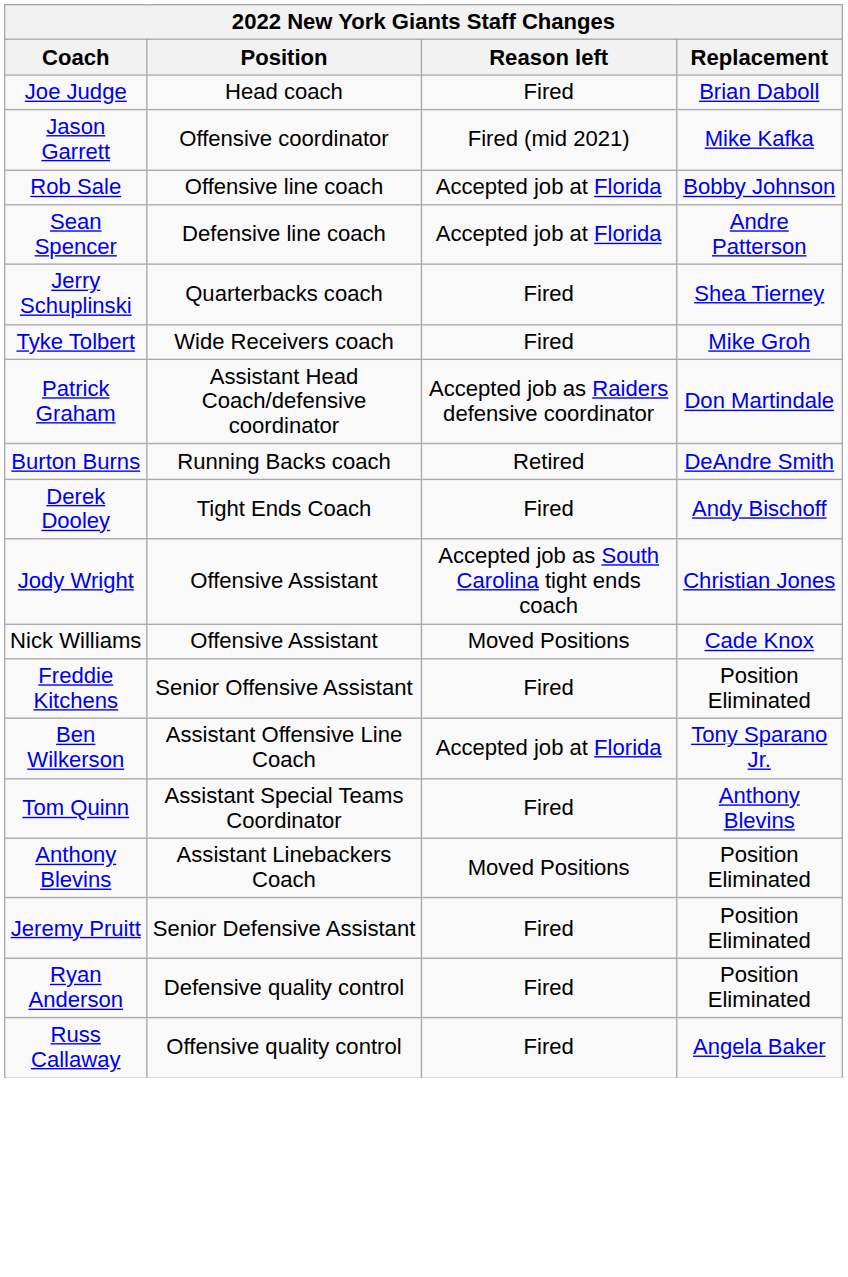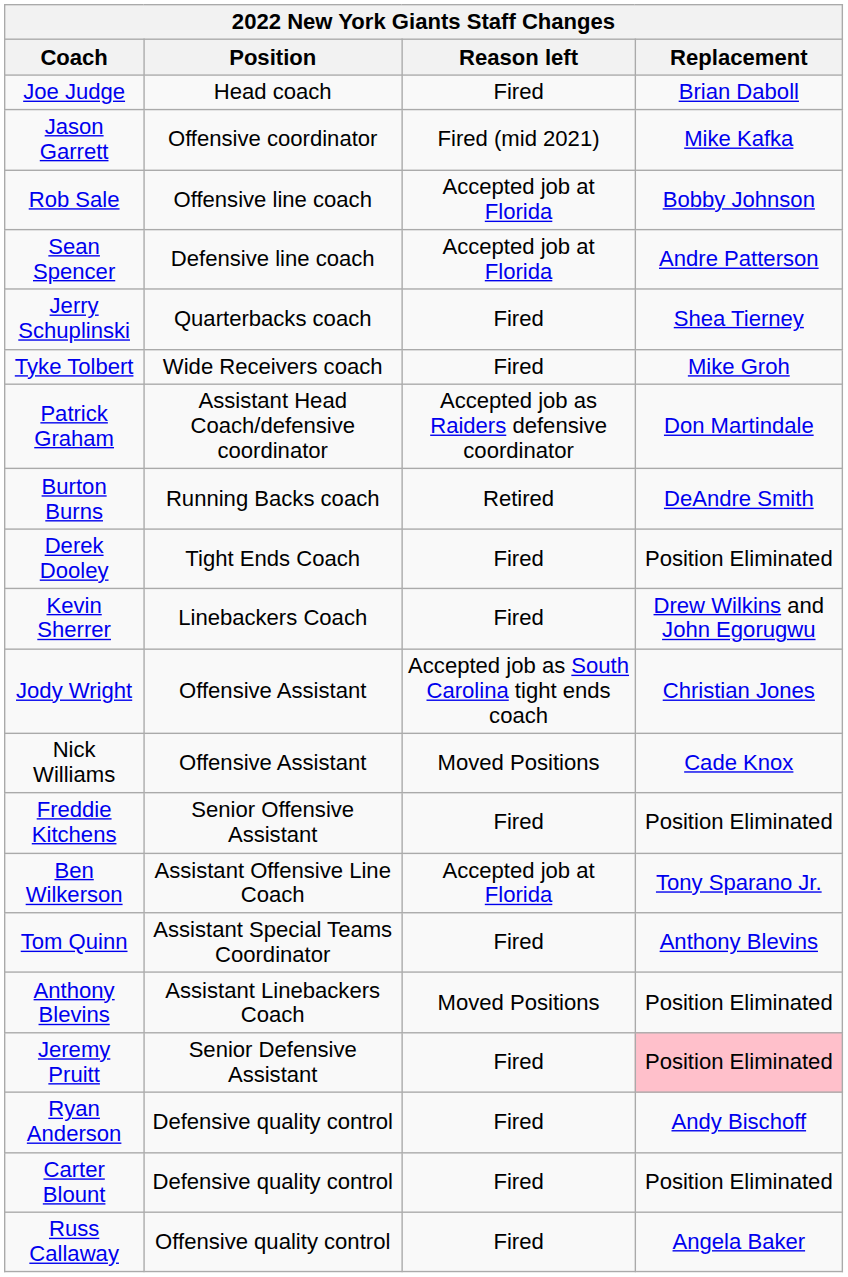 <table class="wikitable" style="text-align:center">
 <tr>
 <th colspan=4>2022 New York Giants Staff Changes</th>
 </tr>
 <tr>
 <th>Coach</th>
 <th>Position</th>
 <th>Reason left</th>
 <th>Replacement</th>
 </tr>
 <tr>
 <td><a href='#'>Joe Judge</a></td>
 <td>Head coach</td>
 <td>Fired</td>
 <td><a href='#'>Brian Daboll</a></td>
 </tr>
 <tr>
 <td><a href='#'>Jason Garrett</a></td>
 <td>Offensive coordinator</td>
 <td>Fired (mid 2021)</td>
 <td><a href='#'>Mike Kafka</a></td>
 </tr>
 <tr>
 <td><a href='#'>Rob Sale</a></td>
 <td>Offensive line coach</td>
 <td>Accepted job at <a href='#'>Florida</a></td>
 <td><a href='#'>Bobby Johnson</a></td>
 </tr>
 <tr>
 <td><a href='#'>Sean Spencer</a></td>
 <td>Defensive line coach</td>
 <td>Accepted job at <a href='#'>Florida</a></td>
 <td><a href='#'>Andre Patterson</a></td>
 </tr>
 <tr>
 <td><a href='#'>Jerry Schuplinski</a></td>
 <td>Quarterbacks coach</td>
 <td>Fired</td>
 <td><a href='#'>Shea Tierney</a></td>
 </tr>
 <tr>
 <td><a href='#'>Tyke Tolbert</a></td>
 <td>Wide Receivers coach</td>
 <td>Fired</td>
 <td><a href='#'>Mike Groh</a></td>
 </tr>
 <tr>
 <td><a href='#'>Patrick Graham</a></td>
 <td>Assistant Head Coach/defensive coordinator</td>
 <td>Accepted job as <a href='#'>Raiders</a> defensive coordinator</td>
 <td><a href='#'>Don Martindale</a></td>
 </tr>
 <tr>
 <td><a href='#'>Burton Burns</a></td>
 <td>Running Backs coach</td>
 <td>Retired</td>
 <td><a href='#'>DeAndre Smith</a></td>
 </tr>
 <tr>
 <td><a href='#'>Derek Dooley</a></td>
 <td>Tight Ends Coach</td>
 <td>Fired</td>
-<td><a href='#'>Andy Bischoff</a></td>
+<td>Position Eliminated</td>
+</tr>
+<tr>
+<td><a href='#'>Kevin Sherrer</a></td>
+<td>Linebackers Coach</td>
+<td>Fired</td>
+<td><a href='#'>Drew Wilkins</a> and <a href='#'>John Egorugwu</a></td>
 </tr>
 <tr>
 <td><a href='#'>Jody Wright</a></td>
 <td>Offensive Assistant</td>
 <td>Accepted job as <a href='#'>South Carolina</a> tight ends coach</td>
 <td><a href='#'>Christian Jones</a></td>
 </tr>
 <tr>
 <td>Nick Williams</td>
 <td>Offensive Assistant</td>
 <td>Moved Positions</td>
 <td><a href='#'>Cade Knox</a></td>
 </tr>
 <tr>
 <td><a href='#'>Freddie Kitchens</a></td>
 <td>Senior Offensive Assistant</td>
 <td>Fired</td>
 <td>Position Eliminated</td>
 </tr>
 <tr>
 <td><a href='#'>Ben Wilkerson</a></td>
 <td>Assistant Offensive Line Coach</td>
 <td>Accepted job at <a href='#'>Florida</a></td>
 <td><a href='#'>Tony Sparano Jr.</a></td>
 </tr>
 <tr>
 <td><a href='#'>Tom Quinn</a></td>
 <td>Assistant Special Teams Coordinator</td>
 <td>Fired</td>
 <td><a href='#'>Anthony Blevins</a></td>
 </tr>
 <tr>
 <td><a href='#'>Anthony Blevins</a></td>
 <td>Assistant Linebackers Coach</td>
 <td>Moved Positions</td>
 <td>Position Eliminated</td>
 </tr>
 <tr>
 <td><a href='#'>Jeremy Pruitt</a></td>
 <td>Senior Defensive Assistant</td>
 <td>Fired</td>
-<td>Position Eliminated</td>
+<td style="background: pink;">Position Eliminated</td>
 </tr>
 <tr>
 <td><a href='#'>Ryan Anderson</a></td>
+<td>Defensive quality control</td>
+<td>Fired</td>
+<td><a href='#'>Andy Bischoff</a></td>
+</tr>
+<tr>
+<td><a href='#'>Carter Blount</a></td>
 <td>Defensive quality control</td>
 <td>Fired</td>
 <td>Position Eliminated</td>
 </tr>
 <tr>
 <td><a href='#'>Russ Callaway</a></td>
 <td>Offensive quality control</td>
 <td>Fired</td>
 <td><a href='#'>Angela Baker</a></td>
 </tr>
 </table>
